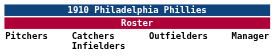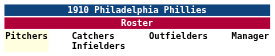 <table class="toccolours" style="font-size: 95%;">
 <tr>
 <th colspan="10" style="background-color: #0f437c; color: white; text-align: center;">1910 Philadelphia Phillies</th>
 </tr>
 <tr>
 <td colspan="10" style="background-color: #af0039; color: white; text-align: center;"><strong>Roster</strong></td>
 </tr>
 <tr>
-<td valign="top"><strong>Pitchers</strong><br>               </td>
+<td valign="top" style="background: lightyellow;"><strong>Pitchers</strong><br>               </td>
 <td width="25px"></td>
 <td valign="top"><strong>Catchers</strong><br>     <strong>Infielders</strong>       </td>
 <td width="25px"></td>
 <td valign="top"><strong>Outfielders</strong><br>    </td>
 <td width="25px"></td>
 <td valign="top"><strong>Manager</strong><br></td>
 </tr>
 </table>
